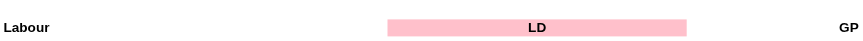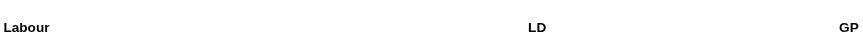 <table style="width:100%; text-align:center;">
 <tr style="color:white;">
 <td style="background:"><strong>92</strong></td>
 <td style="background:"><strong>2</strong></td>
 <td style="background:"><strong>2</strong></td>
 </tr>
 <tr>
 <td><span><strong>Labour</strong></span></td>
-<td style="background: pink;"><span><strong>LD</strong></span></td>
+<td><span><strong>LD</strong></span></td>
 <td><span><strong>GP</strong></span></td>
 </tr>
 </table>
